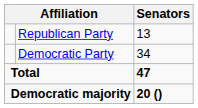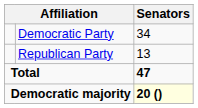 <table class="wikitable">
 <tr>
 <th colspan="2">Affiliation</th>
 <th>Senators</th>
 </tr>
 <tr>
 <td style="background-color:"> </td>
-<td><a href='#'>Republican Party</a></td>
-<td>13</td>
+<td><a href='#'>Democratic Party</a></td>
+<td>34</td>
 </tr>
 <tr>
 <td style="background-color:"> </td>
-<td><a href='#'>Democratic Party</a></td>
-<td>34</td>
+<td><a href='#'>Republican Party</a></td>
+<td>13</td>
 </tr>
 <tr>
 <td colspan="2" rowspan="1"> <strong>Total</strong><br></td>
 <td><strong>47</strong></td>
 </tr>
 <tr>
 <td colspan="2" rowspan="1"> <strong>Democratic majority</strong><br></td>
-<td><strong>20 ()</strong></td>
+<td style="background: lightyellow;"><strong>20 ()</strong></td>
 </tr>
 </table>
